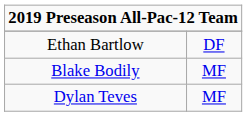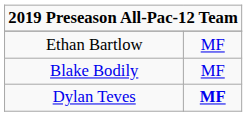 <table class="wikitable" style="display: inline-table;">
 <tr>
 <td align="center" Colspan="3"><strong>2019 Preseason All-Pac-12 Team</strong></td>
 </tr>
 <tr align="center">
 </tr>
 <tr align="center">
 <td>Ethan Bartlow</td>
-<td><a href='#'>DF</a></td>
+<td><a href='#'>MF</a></td>
 </tr>
 <tr align="center">
 <td><a href='#'>Blake Bodily</a></td>
 <td><a href='#'>MF</a></td>
 </tr>
 <tr align="center">
 <td><a href='#'>Dylan Teves</a></td>
-<td><a href='#'>MF</a></td>
+<td><strong><a href='#'>MF</a></strong></td>
 </tr>
 </table>
